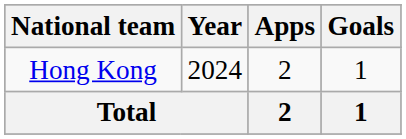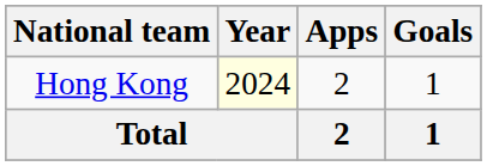 <table class="wikitable" style="text-align:center">
 <tr>
 <th>National team</th>
 <th>Year</th>
 <th>Apps</th>
 <th>Goals</th>
 </tr>
 <tr>
 <td><a href='#'>Hong Kong</a></td>
-<td>2024</td>
+<td style="background: lightyellow;">2024</td>
 <td>2</td>
 <td>1</td>
 </tr>
 <tr>
 <th colspan="2">Total</th>
 <th>2</th>
 <th>1</th>
 </tr>
 </table>
